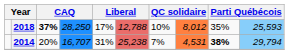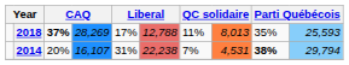 <table class="wikitable" style="float:right; width:400; font-size:90%; margin-left:1em;">
 <tr>
 <th colspan="2" scope="col">Year</th>
 <th colspan="2" scope="col"><a href='#'>CAQ</a></th>
 <th colspan="2" scope="col"><a href='#'>Liberal</a></th>
 <th colspan="2" scope="col"><a href='#'>QC solidaire</a></th>
 <th colspan="2" scope="col"><a href='#'>Parti Québécois</a></th>
 </tr>
 <tr>
 <td style="width: 0.25em; background-color: "></td>
 <th><a href='#'>2018</a></th>
 <td><strong>37%</strong></td>
-<td style="text-align:right; background:#1E90FF;"><em>28,250</em></td>
+<td style="text-align:right; background:#1E90FF;"><em>28,269</em></td>
 <td>17%</td>
 <td style="text-align:right; background:#EA6D6A;"><em>12,788</em></td>
-<td>10%</td>
-<td style="text-align:right; background:#FF8040;"><em>8,012</em></td>
+<td>11%</td>
+<td style="text-align:right; background:#FF8040;"><em>8,013</em></td>
 <td>35%</td>
 <td style="text-align:right; background:#87CEFA;"><em>25,593</em></td>
 </tr>
 <tr>
 <td style="width: 0.25em; background-color: "></td>
 <th><a href='#'>2014</a></th>
 <td>20%</td>
-<td style="text-align:right; background:#1E90FF;"><em>16,707</em></td>
+<td style="text-align:right; background:#1E90FF;"><em>16,107</em></td>
 <td>31%</td>
-<td style="text-align:right; background:#EA6D6A;"><em>25,238</em></td>
+<td style="text-align:right; background:#EA6D6A;"><em>22,238</em></td>
 <td>7%</td>
 <td style="text-align:right; background:#FF8040;"><em>4,531</em></td>
 <td><strong>38%</strong></td>
 <td style="text-align:right; background:#87CEFA;"><em>29,794</em></td>
 </tr>
 <tr>
 </tr>
 </table>
